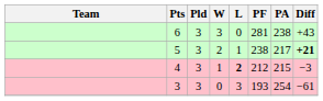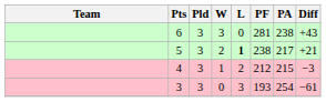 <table class=wikitable style="text-align:center">
 <tr>
 <th width=220>Team</th>
 <th width=20>Pts</th>
 <th width=20>Pld</th>
 <th width=20>W</th>
 <th width=20>L</th>
 <th width=20>PF</th>
 <th width=20>PA</th>
 <th width=20>Diff</th>
 </tr>
 <tr bgcolor=ccffcc>
 <td align=left></td>
 <td>6</td>
 <td>3</td>
 <td>3</td>
 <td>0</td>
 <td>281</td>
 <td>238</td>
 <td>+43</td>
 </tr>
 <tr bgcolor=ccffcc>
 <td align=left></td>
 <td>5</td>
 <td>3</td>
 <td>2</td>
-<td>1</td>
+<td><strong>1</strong></td>
 <td>238</td>
 <td>217</td>
-<td><strong>+21</strong></td>
+<td>+21</td>
 </tr>
 <tr bgcolor=pink>
 <td align=left></td>
 <td>4</td>
 <td>3</td>
 <td>1</td>
-<td><strong>2</strong></td>
+<td>2</td>
 <td>212</td>
 <td>215</td>
 <td>−3</td>
 </tr>
 <tr bgcolor=pink>
 <td align=left></td>
 <td>3</td>
 <td>3</td>
 <td>0</td>
 <td>3</td>
 <td>193</td>
 <td>254</td>
 <td>−61</td>
 </tr>
 <tr>
 </tr>
 </table>
